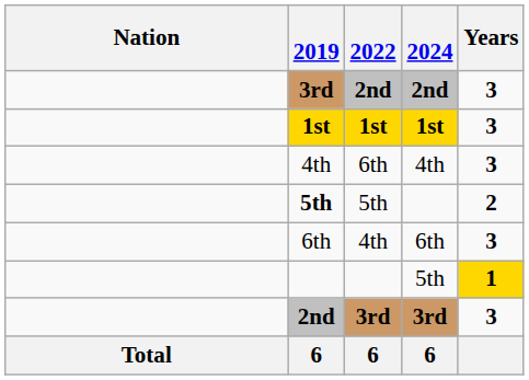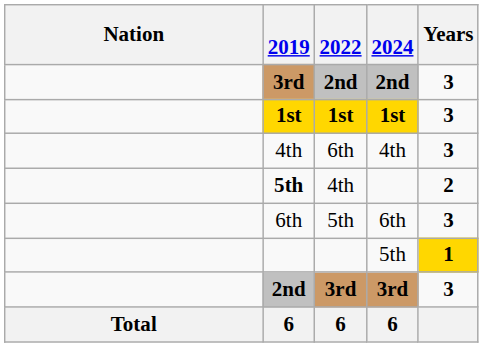 <table class="wikitable" style="text-align:center; font-size:90%">
 <tr>
 <th width=170>Nation</th>
 <th><br><a href='#'>2019</a></th>
 <th><br><a href='#'>2022</a></th>
 <th><br><a href='#'>2024</a></th>
 <th>Years</th>
 </tr>
 <tr>
 <td align=left></td>
 <td bgcolor=#cc9966><strong>3rd</strong></td>
 <td bgcolor=silver><strong>2nd</strong></td>
 <td bgcolor=silver><strong>2nd</strong></td>
 <td><strong>3</strong></td>
 </tr>
 <tr>
 <td align=left></td>
 <td bgcolor=gold><strong>1st</strong></td>
 <td bgcolor=gold><strong>1st</strong></td>
 <td bgcolor=gold><strong>1st</strong></td>
 <td><strong>3</strong></td>
 </tr>
 <tr>
 <td align=left></td>
 <td>4th</td>
 <td>6th</td>
 <td>4th</td>
 <td><strong>3</strong></td>
 </tr>
 <tr>
 <td align=left></td>
 <td><strong>5th</strong></td>
-<td>5th</td>
+<td>4th</td>
 <td></td>
 <td><strong>2</strong></td>
 </tr>
 <tr>
 <td align=left></td>
 <td>6th</td>
-<td>4th</td>
+<td>5th</td>
 <td>6th</td>
 <td><strong>3</strong></td>
 </tr>
 <tr>
 <td align=left></td>
 <td></td>
 <td></td>
 <td>5th</td>
 <td style="background: gold;"><strong>1</strong></td>
 </tr>
 <tr>
 <td align=left></td>
 <td bgcolor=silver><strong>2nd</strong></td>
 <td bgcolor=#cc9966><strong>3rd</strong></td>
 <td bgcolor=#cc9966><strong>3rd</strong></td>
 <td><strong>3</strong></td>
 </tr>
 <tr>
 <th>Total</th>
 <th>6</th>
 <th>6</th>
 <th>6</th>
 <th></th>
 </tr>
 </table>
